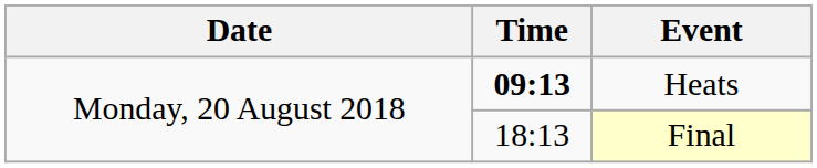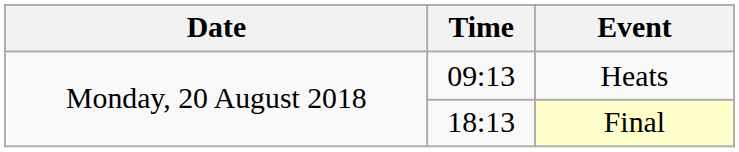 <table class = "wikitable" style="text-align:center;">
 <tr>
 <th width=220>Date</th>
 <th width=50>Time</th>
 <th width=100>Event</th>
 </tr>
 <tr>
 <td rowspan=2>Monday, 20 August 2018</td>
-<td><strong>09:13</strong></td>
+<td>09:13</td>
 <td>Heats</td>
 </tr>
 <tr>
 <td>18:13</td>
 <td bgcolor=ffffcc>Final</td>
 </tr>
 </table>
